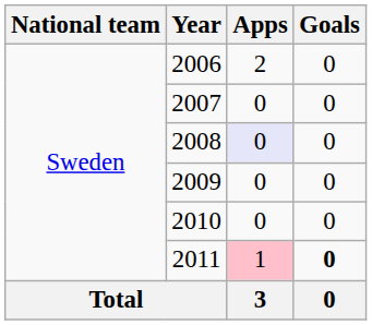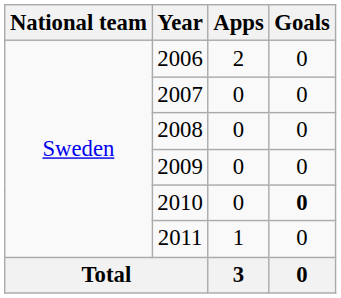 <table class="wikitable" style="text-align:center">
 <tr>
 <th>National team</th>
 <th>Year</th>
 <th>Apps</th>
 <th>Goals</th>
 </tr>
 <tr>
 <td rowspan="6"><a href='#'>Sweden</a></td>
 <td>2006</td>
 <td>2</td>
 <td>0</td>
 </tr>
 <tr>
 <td>2007</td>
 <td>0</td>
 <td>0</td>
 </tr>
 <tr>
 <td>2008</td>
-<td style="background: lavender;">0</td>
+<td>0</td>
 <td>0</td>
 </tr>
 <tr>
 <td>2009</td>
 <td>0</td>
 <td>0</td>
 </tr>
 <tr>
 <td>2010</td>
 <td>0</td>
-<td>0</td>
+<td><strong>0</strong></td>
 </tr>
 <tr>
 <td>2011</td>
-<td style="background: pink;">1</td>
-<td><strong>0</strong></td>
+<td>1</td>
+<td>0</td>
 </tr>
 <tr>
 <th colspan="2">Total</th>
 <th>3</th>
 <th>0</th>
 </tr>
 </table>
